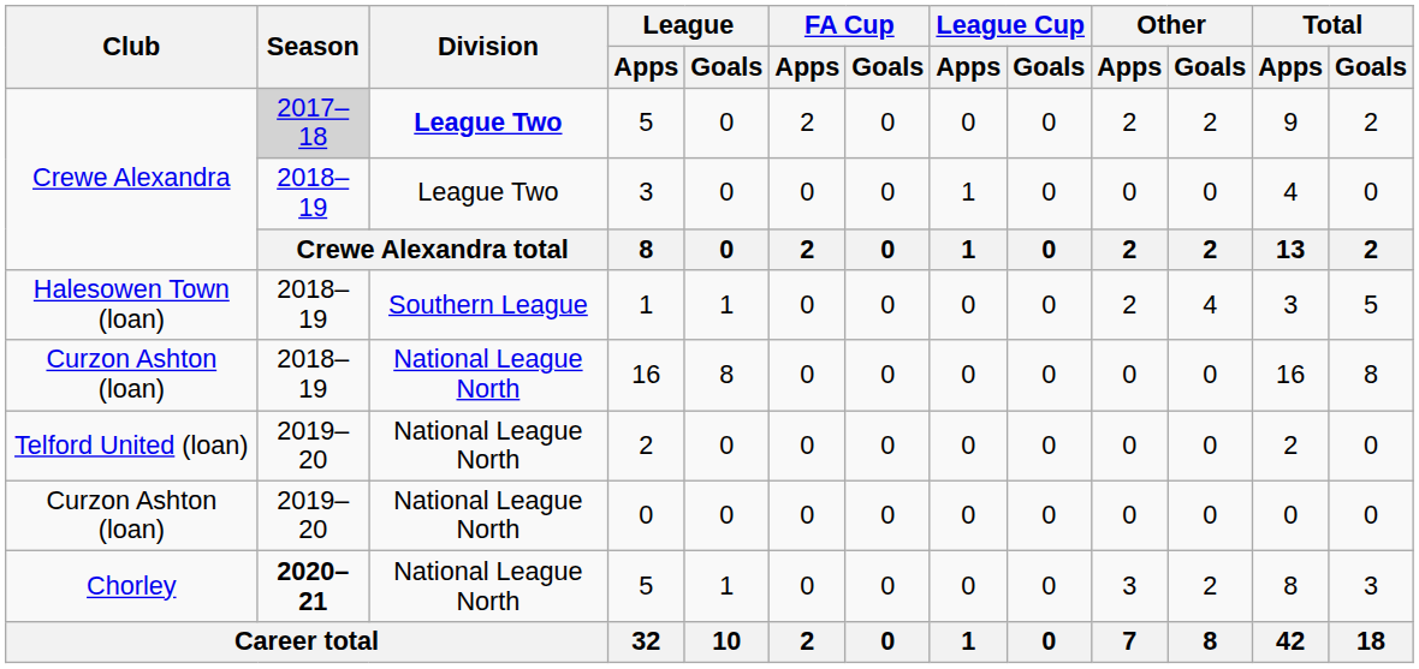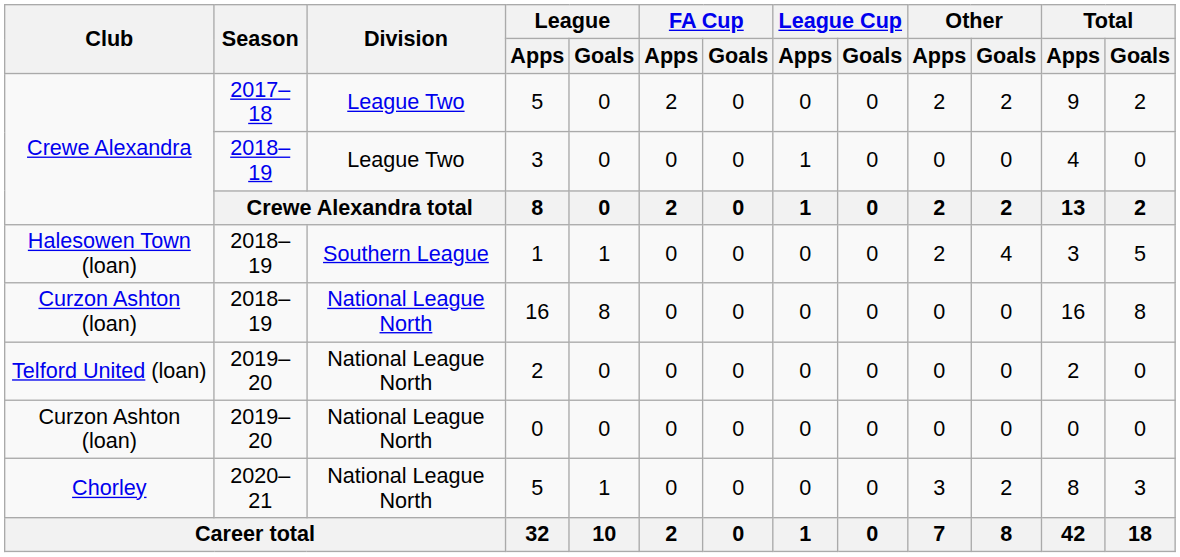 <table class="wikitable" style="text-align:center;">
 <tr>
 <th rowspan="2">Club</th>
 <th rowspan="2">Season</th>
 <th rowspan="2">Division</th>
 <th colspan="2">League</th>
 <th colspan="2"><a href='#'>FA Cup</a></th>
 <th colspan="2"><a href='#'>League Cup</a></th>
 <th colspan="2">Other</th>
 <th colspan="2">Total</th>
 </tr>
 <tr>
 <th>Apps</th>
 <th>Goals</th>
 <th>Apps</th>
 <th>Goals</th>
 <th>Apps</th>
 <th>Goals</th>
 <th>Apps</th>
 <th>Goals</th>
 <th>Apps</th>
 <th>Goals</th>
 </tr>
 <tr>
 <td rowspan="3"><a href='#'>Crewe Alexandra</a></td>
-<td style="background: lightgrey;"><a href='#'>2017–18</a></td>
-<td><strong><a href='#'>League Two</a></strong></td>
+<td><a href='#'>2017–18</a></td>
+<td><a href='#'>League Two</a></td>
 <td>5</td>
 <td>0</td>
 <td>2</td>
 <td>0</td>
 <td>0</td>
 <td>0</td>
 <td>2</td>
 <td>2</td>
 <td>9</td>
 <td>2</td>
 </tr>
 <tr>
 <td><a href='#'>2018–19</a></td>
 <td>League Two</td>
 <td>3</td>
 <td>0</td>
 <td>0</td>
 <td>0</td>
 <td>1</td>
 <td>0</td>
 <td>0</td>
 <td>0</td>
 <td>4</td>
 <td>0</td>
 </tr>
 <tr>
 <th colspan="2">Crewe Alexandra total</th>
 <th>8</th>
 <th>0</th>
 <th>2</th>
 <th>0</th>
 <th>1</th>
 <th>0</th>
 <th>2</th>
 <th>2</th>
 <th>13</th>
 <th>2</th>
 </tr>
 <tr>
 <td><a href='#'>Halesowen Town</a> (loan)</td>
 <td>2018–19</td>
 <td><a href='#'>Southern League</a></td>
 <td>1</td>
 <td>1</td>
 <td>0</td>
 <td>0</td>
 <td>0</td>
 <td>0</td>
 <td>2</td>
 <td>4</td>
 <td>3</td>
 <td>5</td>
 </tr>
 <tr>
 <td><a href='#'>Curzon Ashton</a> (loan)</td>
 <td>2018–19</td>
 <td><a href='#'>National League North</a></td>
 <td>16</td>
 <td>8</td>
 <td>0</td>
 <td>0</td>
 <td>0</td>
 <td>0</td>
 <td>0</td>
 <td>0</td>
 <td>16</td>
 <td>8</td>
 </tr>
 <tr>
 <td><a href='#'>Telford United</a> (loan)</td>
 <td>2019–20</td>
 <td>National League North</td>
 <td>2</td>
 <td>0</td>
 <td>0</td>
 <td>0</td>
 <td>0</td>
 <td>0</td>
 <td>0</td>
 <td>0</td>
 <td>2</td>
 <td>0</td>
 </tr>
 <tr>
 <td>Curzon Ashton (loan)</td>
 <td>2019–20</td>
 <td>National League North</td>
 <td>0</td>
 <td>0</td>
 <td>0</td>
 <td>0</td>
 <td>0</td>
 <td>0</td>
 <td>0</td>
 <td>0</td>
 <td>0</td>
 <td>0</td>
 </tr>
 <tr>
 <td><a href='#'>Chorley</a></td>
-<td><strong>2020–21</strong></td>
+<td>2020–21</td>
 <td>National League North</td>
 <td>5</td>
 <td>1</td>
 <td>0</td>
 <td>0</td>
 <td>0</td>
 <td>0</td>
 <td>3</td>
 <td>2</td>
 <td>8</td>
 <td>3</td>
 </tr>
 <tr>
 <th colspan="3">Career total</th>
 <th>32</th>
 <th>10</th>
 <th>2</th>
 <th>0</th>
 <th>1</th>
 <th>0</th>
 <th>7</th>
 <th>8</th>
 <th>42</th>
 <th>18</th>
 </tr>
 </table>
